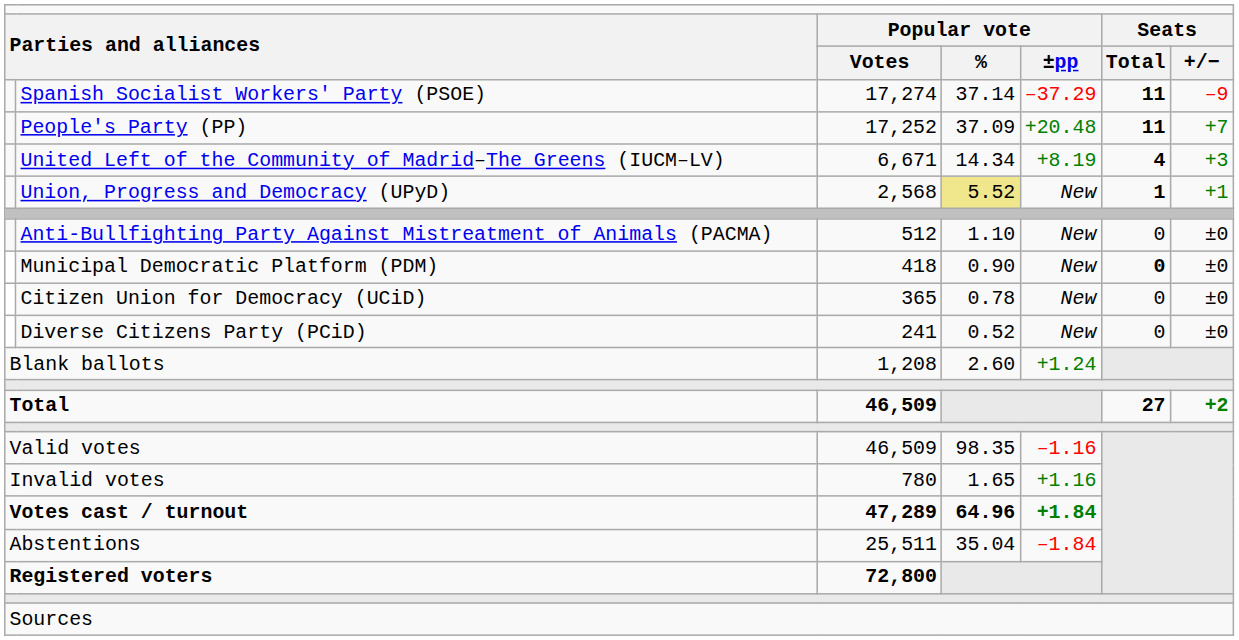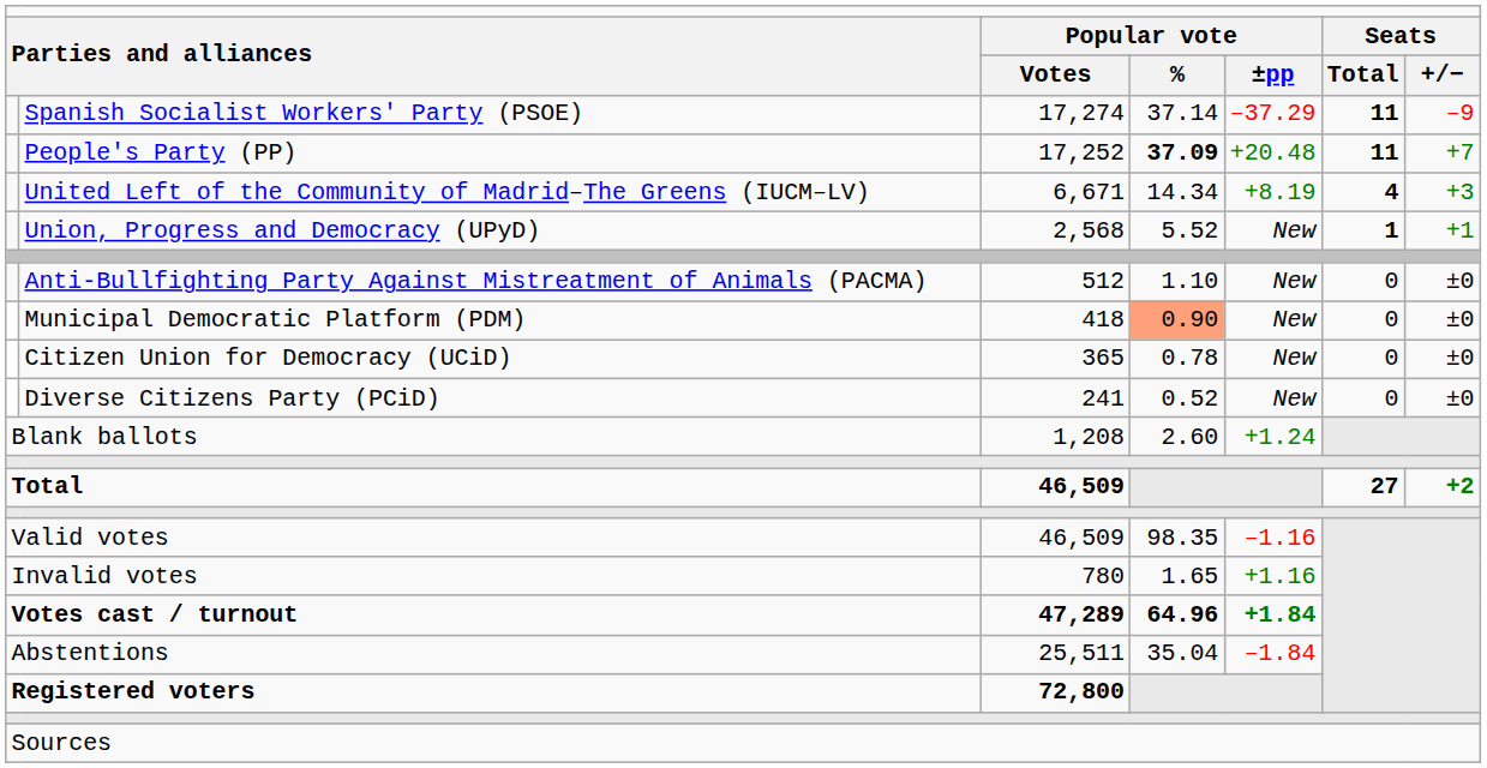 <table class="wikitable" style="text-align:right;">
 <tr>
 <td colspan="7"></td>
 </tr>
 <tr>
 <th style="text-align:left;" rowspan="2" colspan="2" width="525">Parties and alliances</th>
 <th colspan="3">Popular vote</th>
 <th colspan="2">Seats</th>
 </tr>
 <tr>
 <th width="75">Votes</th>
 <th width="45">%</th>
 <th width="45">±<a href='#'>pp</a></th>
 <th width="35">Total</th>
 <th width="35">+/−</th>
 </tr>
 <tr>
 <td width="1" style="color:inherit;background:"></td>
 <td align="left"><a href='#'>Spanish Socialist Workers' Party</a> (PSOE)</td>
 <td>17,274</td>
 <td>37.14</td>
 <td style="color:red;">–37.29</td>
 <td><strong>11</strong></td>
 <td style="color:red;">–9</td>
 </tr>
 <tr>
 <td style="color:inherit;background:"></td>
 <td align="left"><a href='#'>People's Party</a> (PP)</td>
 <td>17,252</td>
-<td>37.09</td>
+<td><strong>37.09</strong></td>
 <td style="color:green;">+20.48</td>
 <td><strong>11</strong></td>
 <td style="color:green;">+7</td>
 </tr>
 <tr>
 <td style="color:inherit;background:"></td>
 <td align="left"><a href='#'>United Left of the Community of Madrid</a>–<a href='#'>The Greens</a> (IUCM–LV)</td>
 <td>6,671</td>
 <td>14.34</td>
 <td style="color:green;">+8.19</td>
 <td><strong>4</strong></td>
 <td style="color:green;">+3</td>
 </tr>
 <tr>
 <td style="color:inherit;background:"></td>
 <td align="left"><a href='#'>Union, Progress and Democracy</a> (UPyD)</td>
 <td>2,568</td>
-<td style="background: khaki;">5.52</td>
+<td>5.52</td>
 <td><em>New</em></td>
 <td><strong>1</strong></td>
 <td style="color:green;">+1</td>
 </tr>
 <tr>
 <td colspan="7" bgcolor="#C0C0C0"></td>
 </tr>
 <tr>
 <td style="color:inherit;background:"></td>
 <td align="left"><a href='#'>Anti-Bullfighting Party Against Mistreatment of Animals</a> (PACMA)</td>
 <td>512</td>
 <td>1.10</td>
 <td><em>New</em></td>
 <td>0</td>
 <td>±0</td>
 </tr>
 <tr>
 <td bgcolor="white"></td>
 <td align="left">Municipal Democratic Platform (PDM)</td>
 <td>418</td>
-<td>0.90</td>
+<td style="background: lightsalmon;">0.90</td>
 <td><em>New</em></td>
-<td><strong>0</strong></td>
+<td>0</td>
 <td>±0</td>
 </tr>
 <tr>
 <td bgcolor="white"></td>
 <td align="left">Citizen Union for Democracy (UCiD)</td>
 <td>365</td>
 <td>0.78</td>
 <td><em>New</em></td>
 <td>0</td>
 <td>±0</td>
 </tr>
 <tr>
 <td bgcolor="white"></td>
 <td align="left">Diverse Citizens Party (PCiD)</td>
 <td>241</td>
 <td>0.52</td>
 <td><em>New</em></td>
 <td>0</td>
 <td>±0</td>
 </tr>
 <tr>
 <td align="left" colspan="2">Blank ballots</td>
 <td>1,208</td>
 <td>2.60</td>
 <td style="color:green;">+1.24</td>
 <td bgcolor="#E9E9E9" colspan="2"></td>
 </tr>
 <tr>
 <td colspan="7" bgcolor="#E9E9E9"></td>
 </tr>
 <tr style="font-weight:bold;">
 <td align="left" colspan="2">Total</td>
 <td>46,509</td>
 <td bgcolor="#E9E9E9" colspan="2"></td>
 <td>27</td>
 <td style="color:green;">+2</td>
 </tr>
 <tr>
 <td colspan="7" bgcolor="#E9E9E9"></td>
 </tr>
 <tr>
 <td align="left" colspan="2">Valid votes</td>
 <td>46,509</td>
 <td>98.35</td>
 <td style="color:red;">–1.16</td>
 <td bgcolor="#E9E9E9" colspan="2" rowspan="5"></td>
 </tr>
 <tr>
 <td align="left" colspan="2">Invalid votes</td>
 <td>780</td>
 <td>1.65</td>
 <td style="color:green;">+1.16</td>
 </tr>
 <tr style="font-weight:bold;">
 <td align="left" colspan="2">Votes cast / turnout</td>
 <td>47,289</td>
 <td>64.96</td>
 <td style="color:green;">+1.84</td>
 </tr>
 <tr>
 <td align="left" colspan="2">Abstentions</td>
 <td>25,511</td>
 <td>35.04</td>
 <td style="color:red;">–1.84</td>
 </tr>
 <tr style="font-weight:bold;">
 <td align="left" colspan="2">Registered voters</td>
 <td>72,800</td>
 <td bgcolor="#E9E9E9" colspan="2"></td>
 </tr>
 <tr>
 <td colspan="7" bgcolor="#E9E9E9"></td>
 </tr>
 <tr>
 <td align="left" colspan="7">Sources</td>
 </tr>
 </table>
